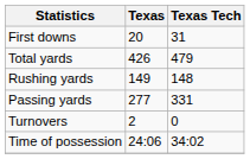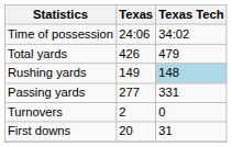 <table class="wikitable" style="float: left;">
 <tr>
 <th>Statistics</th>
 <th>Texas</th>
 <th>Texas Tech</th>
 </tr>
 <tr>
-<td>First downs</td>
-<td>20</td>
-<td>31</td>
+<td>Time of possession</td>
+<td>24:06</td>
+<td>34:02</td>
 </tr>
 <tr>
 <td>Total yards</td>
 <td>426</td>
 <td>479</td>
 </tr>
 <tr>
 <td>Rushing yards</td>
 <td>149</td>
-<td>148</td>
+<td style="background: lightblue;">148</td>
 </tr>
 <tr>
 <td>Passing yards</td>
 <td>277</td>
 <td>331</td>
 </tr>
 <tr>
 <td>Turnovers</td>
 <td>2</td>
 <td>0</td>
 </tr>
 <tr>
-<td>Time of possession</td>
-<td>24:06</td>
-<td>34:02</td>
+<td>First downs</td>
+<td>20</td>
+<td>31</td>
 </tr>
 <tr>
 </tr>
 </table>
